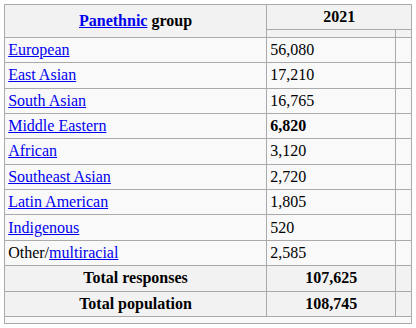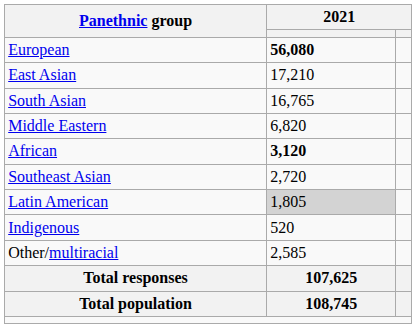 <table class="wikitable collapsible sortable">
 <tr>
 <th rowspan="2"><a href='#'>Panethnic</a> group</th>
 <th colspan="2">2021</th>
 </tr>
 <tr>
 <th><a href='#'></a></th>
 <th></th>
 </tr>
 <tr>
 <td><a href='#'>European</a></td>
-<td>56,080</td>
+<td><strong>56,080</strong></td>
 <td></td>
 </tr>
 <tr>
 <td><a href='#'>East Asian</a></td>
 <td>17,210</td>
 <td></td>
 </tr>
 <tr>
 <td><a href='#'>South Asian</a></td>
 <td>16,765</td>
 <td></td>
 </tr>
 <tr>
 <td><a href='#'>Middle Eastern</a></td>
-<td><strong>6,820</strong></td>
+<td>6,820</td>
 <td></td>
 </tr>
 <tr>
 <td><a href='#'>African</a></td>
-<td>3,120</td>
+<td><strong>3,120</strong></td>
 <td></td>
 </tr>
 <tr>
 <td><a href='#'>Southeast Asian</a></td>
 <td>2,720</td>
 <td></td>
 </tr>
 <tr>
 <td><a href='#'>Latin American</a></td>
-<td>1,805</td>
+<td style="background: lightgrey;">1,805</td>
 <td></td>
 </tr>
 <tr>
 <td><a href='#'>Indigenous</a></td>
 <td>520</td>
 <td></td>
 </tr>
 <tr>
 <td>Other/<a href='#'>multiracial</a></td>
 <td>2,585</td>
 <td></td>
 </tr>
 <tr>
 <th>Total responses</th>
 <th>107,625</th>
 <th></th>
 </tr>
 <tr class="sortbottom">
 <th>Total population</th>
 <th>108,745</th>
 <th></th>
 </tr>
 <tr class="sortbottom">
 <td colspan="15" style="width: 25em;"></td>
 </tr>
 </table>
